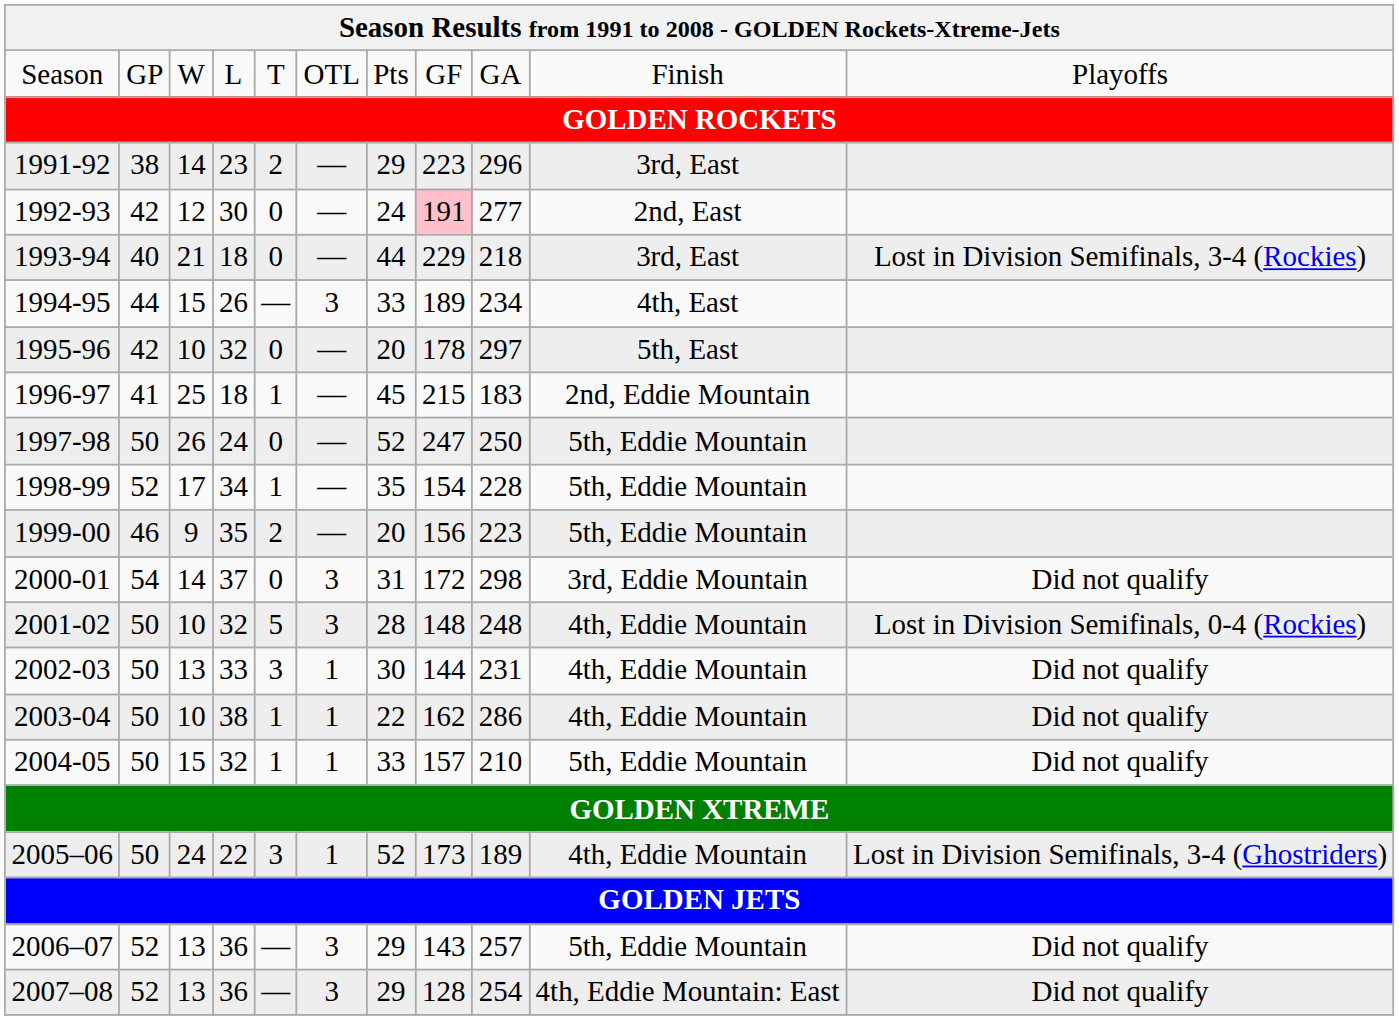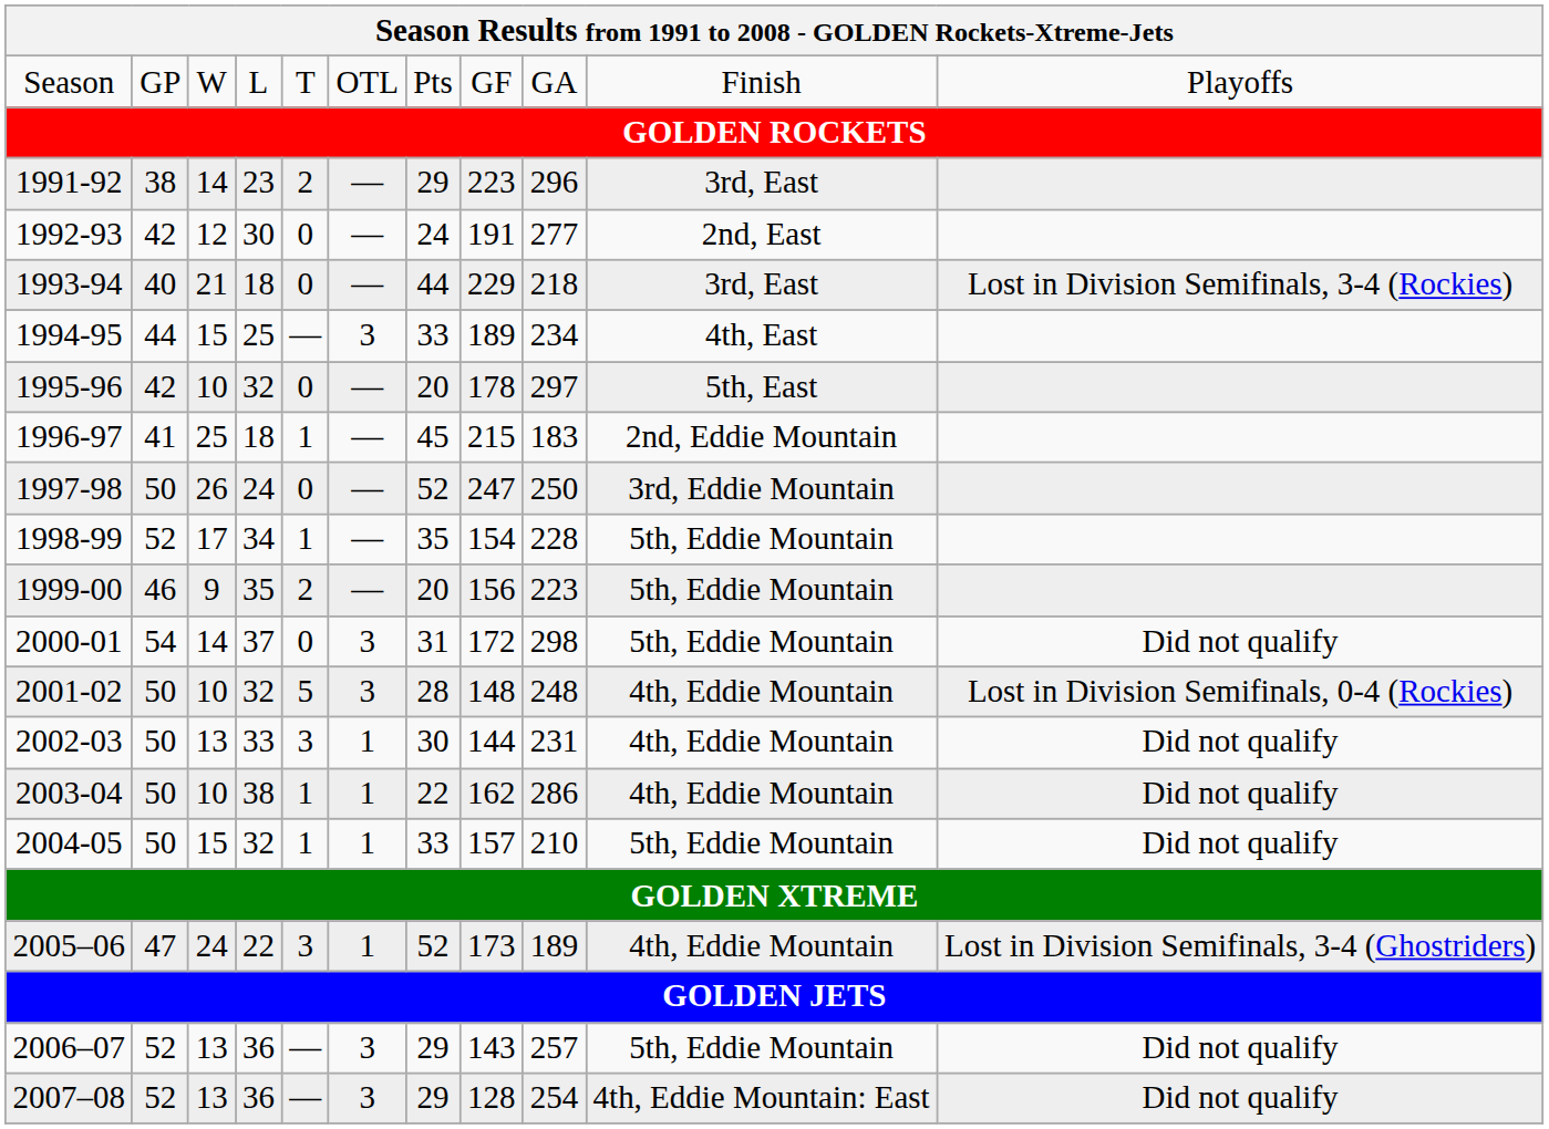 <table class="wikitable collapsible collapsed" style="text-align:center;">
 <tr>
 <th colspan=12 bgcolor="beige" style=text_color=black><strong>Season Results</strong>  <small>from 1991 to 2008 - GOLDEN Rockets-Xtreme-Jets</small></th>
 </tr>
 <tr>
 <td>Season</td>
 <td>GP</td>
 <td>W</td>
 <td>L</td>
 <td>T</td>
 <td>OTL</td>
 <td>Pts</td>
 <td>GF</td>
 <td>GA</td>
 <td>Finish</td>
 <td>Playoffs</td>
 </tr>
 <tr align="center"  bgcolor="red"  style="color:#FFFFFF">
 <td colspan=12><strong>GOLDEN ROCKETS</strong></td>
 </tr>
 <tr style="background:#eee;">
 <td>1991-92</td>
 <td>38</td>
 <td>14</td>
 <td>23</td>
 <td>2</td>
 <td>—</td>
 <td>29</td>
 <td>223</td>
 <td>296</td>
 <td>3rd, East</td>
 <td></td>
 </tr>
 <tr>
 <td>1992-93</td>
 <td>42</td>
 <td>12</td>
 <td>30</td>
 <td>0</td>
 <td>—</td>
 <td>24</td>
-<td style="background: pink;">191</td>
+<td>191</td>
 <td>277</td>
 <td>2nd, East</td>
 <td></td>
 </tr>
 <tr style="background:#eee;">
 <td>1993-94</td>
 <td>40</td>
 <td>21</td>
 <td>18</td>
 <td>0</td>
 <td>―</td>
 <td>44</td>
 <td>229</td>
 <td>218</td>
 <td>3rd, East</td>
 <td>Lost in Division Semifinals, 3-4 (<a href='#'>Rockies</a>)</td>
 </tr>
 <tr>
 <td>1994-95</td>
 <td>44</td>
 <td>15</td>
-<td>26</td>
+<td>25</td>
 <td>―</td>
 <td>3</td>
 <td>33</td>
 <td>189</td>
 <td>234</td>
 <td>4th, East</td>
 <td></td>
 </tr>
 <tr style="background:#eee;">
 <td>1995-96</td>
 <td>42</td>
 <td>10</td>
 <td>32</td>
 <td>0</td>
 <td>―</td>
 <td>20</td>
 <td>178</td>
 <td>297</td>
 <td>5th, East</td>
 <td></td>
 </tr>
 <tr>
 <td>1996-97</td>
 <td>41</td>
 <td>25</td>
 <td>18</td>
 <td>1</td>
 <td>―</td>
 <td>45</td>
 <td>215</td>
 <td>183</td>
 <td>2nd, Eddie Mountain</td>
 <td></td>
 </tr>
 <tr style="background:#eee;">
 <td>1997-98</td>
 <td>50</td>
 <td>26</td>
 <td>24</td>
 <td>0</td>
 <td>―</td>
 <td>52</td>
 <td>247</td>
 <td>250</td>
-<td>5th, Eddie Mountain</td>
+<td>3rd, Eddie Mountain</td>
 <td></td>
 </tr>
 <tr>
 <td>1998-99</td>
 <td>52</td>
 <td>17</td>
 <td>34</td>
 <td>1</td>
 <td>―</td>
 <td>35</td>
 <td>154</td>
 <td>228</td>
 <td>5th, Eddie Mountain</td>
 <td></td>
 </tr>
 <tr style="background:#eee;">
 <td>1999-00</td>
 <td>46</td>
 <td>9</td>
 <td>35</td>
 <td>2</td>
 <td>―</td>
 <td>20</td>
 <td>156</td>
 <td>223</td>
 <td>5th, Eddie Mountain</td>
 <td></td>
 </tr>
 <tr>
 <td>2000-01</td>
 <td>54</td>
 <td>14</td>
 <td>37</td>
 <td>0</td>
 <td>3</td>
 <td>31</td>
 <td>172</td>
 <td>298</td>
-<td>3rd, Eddie Mountain</td>
+<td>5th, Eddie Mountain</td>
 <td>Did not qualify</td>
 </tr>
 <tr style="background:#eee;">
 <td>2001-02</td>
 <td>50</td>
 <td>10</td>
 <td>32</td>
 <td>5</td>
 <td>3</td>
 <td>28</td>
 <td>148</td>
 <td>248</td>
 <td>4th, Eddie Mountain</td>
 <td>Lost in Division Semifinals, 0-4 (<a href='#'>Rockies</a>)</td>
 </tr>
 <tr>
 <td>2002-03</td>
 <td>50</td>
 <td>13</td>
 <td>33</td>
 <td>3</td>
 <td>1</td>
 <td>30</td>
 <td>144</td>
 <td>231</td>
 <td>4th, Eddie Mountain</td>
 <td>Did not qualify</td>
 </tr>
 <tr style="background:#eee;">
 <td>2003-04</td>
 <td>50</td>
 <td>10</td>
 <td>38</td>
 <td>1</td>
 <td>1</td>
 <td>22</td>
 <td>162</td>
 <td>286</td>
 <td>4th, Eddie Mountain</td>
 <td>Did not qualify</td>
 </tr>
 <tr>
 <td>2004-05</td>
 <td>50</td>
 <td>15</td>
 <td>32</td>
 <td>1</td>
 <td>1</td>
 <td>33</td>
 <td>157</td>
 <td>210</td>
 <td>5th, Eddie Mountain</td>
 <td>Did not qualify</td>
 </tr>
 <tr align="center"  bgcolor="green"  style="color:#FFFFFF">
 <td colspan=12><strong>GOLDEN XTREME</strong></td>
 </tr>
 <tr style="background:#eee;">
 <td>2005–06</td>
-<td>50</td>
+<td>47</td>
 <td>24</td>
 <td>22</td>
 <td>3</td>
 <td>1</td>
 <td>52</td>
 <td>173</td>
 <td>189</td>
 <td>4th, Eddie Mountain</td>
 <td>Lost in Division Semifinals, 3-4 (<a href='#'>Ghostriders</a>)</td>
 </tr>
 <tr align="center"  bgcolor="blue"  style="color:#FFFFFF">
 <td colspan=12><strong>GOLDEN JETS</strong></td>
 </tr>
 <tr>
 <td>2006–07</td>
 <td>52</td>
 <td>13</td>
 <td>36</td>
 <td>—</td>
 <td>3</td>
 <td>29</td>
 <td>143</td>
 <td>257</td>
 <td>5th, Eddie Mountain</td>
 <td>Did not qualify</td>
 </tr>
 <tr style="background:#eee;">
 <td>2007–08</td>
 <td>52</td>
 <td>13</td>
 <td>36</td>
 <td>—</td>
 <td>3</td>
 <td>29</td>
 <td>128</td>
 <td>254</td>
 <td>4th, Eddie Mountain: East</td>
 <td>Did not qualify</td>
 </tr>
 </table>
